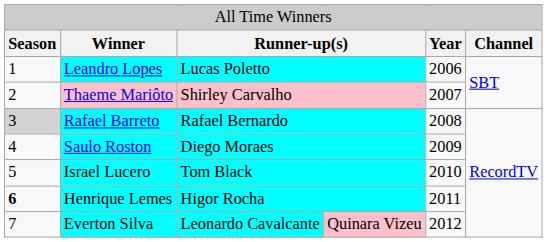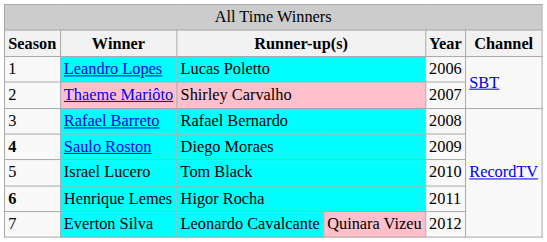 <table class="wikitable">
 <tr>
 <td colspan=6 align="center" bgcolor="CCCCCC">All Time Winners</td>
 </tr>
 <tr>
 <th>Season</th>
 <th>Winner</th>
 <th colspan=2>Runner-up(s)</th>
 <th>Year</th>
 <th>Channel</th>
 </tr>
 <tr>
 <td>1</td>
 <td style="background:cyan;"><a href='#'>Leandro Lopes</a></td>
 <td style="background:cyan;" colspan=2>Lucas Poletto</td>
 <td>2006</td>
 <td rowspan=2><a href='#'>SBT</a></td>
 </tr>
 <tr>
 <td>2</td>
 <td style="background:pink;"><a href='#'>Thaeme Mariôto</a></td>
 <td style="background:pink;" colspan=2>Shirley Carvalho</td>
 <td>2007</td>
 </tr>
 <tr>
-<td style="background: lightgrey;">3</td>
+<td>3</td>
 <td style="background:cyan;"><a href='#'>Rafael Barreto</a></td>
 <td style="background:cyan;" colspan=2>Rafael Bernardo</td>
 <td>2008</td>
 <td rowspan=5><a href='#'>RecordTV</a></td>
 </tr>
 <tr>
-<td>4</td>
+<td><strong>4</strong></td>
 <td style="background:cyan;"><a href='#'>Saulo Roston</a></td>
 <td style="background:cyan;" colspan=2>Diego Moraes</td>
 <td>2009</td>
 </tr>
 <tr>
 <td>5</td>
 <td style="background:cyan;">Israel Lucero</td>
 <td style="background:cyan;" colspan=2>Tom Black</td>
 <td>2010</td>
 </tr>
 <tr>
 <td><strong>6</strong></td>
 <td style="background:cyan;">Henrique Lemes</td>
 <td style="background:cyan;" colspan=2>Higor Rocha</td>
 <td>2011</td>
 </tr>
 <tr>
 <td>7</td>
 <td style="background:cyan;">Everton Silva</td>
 <td style="background:cyan;">Leonardo Cavalcante</td>
 <td style="background:pink;">Quinara Vizeu</td>
 <td>2012</td>
 </tr>
 </table>
